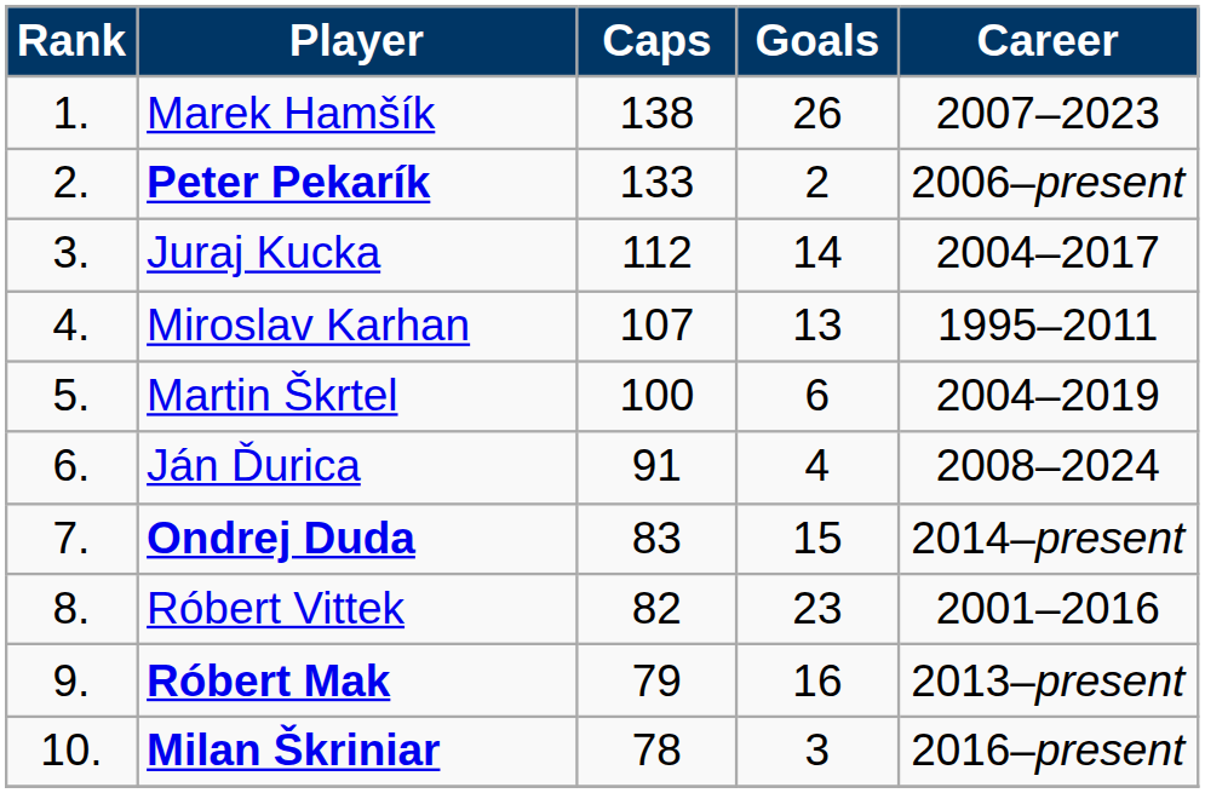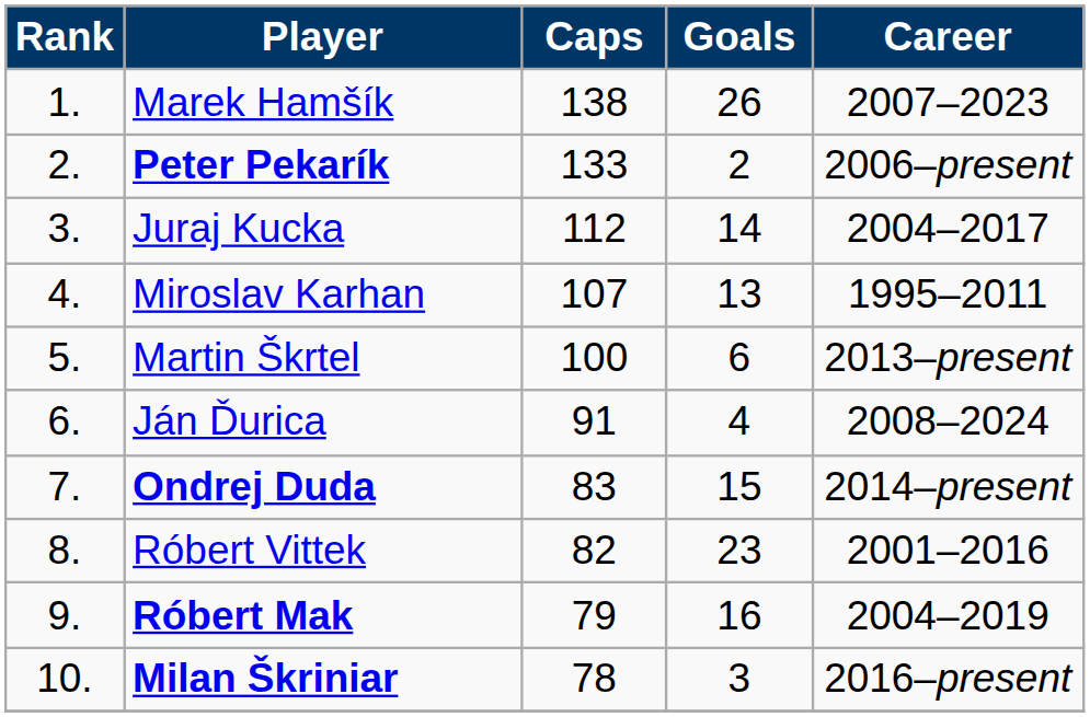 <table class="wikitable sortable"  style="text-align: center;">
 <tr>
 <th width="30" style="background:#003665; color:white; ">Rank</th>
 <th width="150" style="background:#003665; color:white; ">Player</th>
 <th width="50" style="background:#003665; color:white; ">Caps</th>
 <th width="50" style="background:#003665; color:white; ">Goals</th>
 <th width="100" style="background:#003665; color:white; ">Career</th>
 </tr>
 <tr>
 <td>1.</td>
 <td align="left"><a href='#'>Marek Hamšík</a></td>
 <td>138</td>
 <td>26</td>
 <td>2007–2023</td>
 </tr>
 <tr>
 <td>2.</td>
 <td align="left"><strong><a href='#'>Peter Pekarík</a></strong></td>
 <td>133</td>
 <td>2</td>
 <td>2006–<em>present</em></td>
 </tr>
 <tr>
 <td>3.</td>
 <td align="left"><a href='#'>Juraj Kucka</a></td>
 <td>112</td>
 <td>14</td>
 <td>2004–2017</td>
 </tr>
 <tr>
 <td>4.</td>
 <td align="left"><a href='#'>Miroslav Karhan</a></td>
 <td>107</td>
 <td>13</td>
 <td>1995–2011</td>
 </tr>
 <tr>
 <td>5.</td>
 <td align="left"><a href='#'>Martin Škrtel</a></td>
 <td>100</td>
 <td>6</td>
-<td>2004–2019</td>
+<td>2013–<em>present</em></td>
 </tr>
 <tr>
 <td>6.</td>
 <td align="left"><a href='#'>Ján Ďurica</a></td>
 <td>91</td>
 <td>4</td>
 <td>2008–2024</td>
 </tr>
 <tr>
 <td>7.</td>
 <td align="left"><strong><a href='#'>Ondrej Duda</a></strong></td>
 <td>83</td>
 <td>15</td>
 <td>2014–<em>present</em></td>
 </tr>
 <tr>
 <td>8.</td>
 <td align="left"><a href='#'>Róbert Vittek</a></td>
 <td>82</td>
 <td>23</td>
 <td>2001–2016</td>
 </tr>
 <tr>
 <td>9.</td>
 <td align=left><strong><a href='#'>Róbert Mak</a></strong></td>
 <td>79</td>
 <td>16</td>
-<td>2013–<em>present</em></td>
+<td>2004–2019</td>
 </tr>
 <tr>
 <td>10.</td>
 <td align="left"><strong><a href='#'>Milan Škriniar</a></strong></td>
 <td>78</td>
 <td>3</td>
 <td>2016–<em>present</em></td>
 </tr>
 <tr>
 </tr>
 </table>
